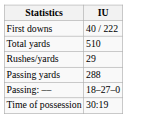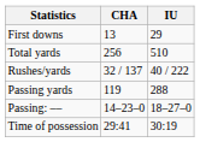 <table class="wikitable" style="float:left">
 <tr>
 <th>Statistics</th>
+<th>CHA</th>
 <th>IU</th>
 </tr>
 <tr>
 <td>First downs</td>
-<td>40 / 222</td>
+<td>13</td>
+<td>29</td>
 </tr>
 <tr>
 <td>Total yards</td>
+<td>256</td>
 <td>510</td>
 </tr>
 <tr>
 <td>Rushes/yards</td>
-<td>29</td>
+<td>32 / 137</td>
+<td>40 / 222</td>
 </tr>
 <tr>
 <td>Passing yards</td>
+<td>119</td>
 <td>288</td>
 </tr>
 <tr>
 <td>Passing: ––</td>
+<td>14–23–0</td>
 <td>18–27–0</td>
 </tr>
 <tr>
 <td>Time of possession</td>
+<td>29:41</td>
 <td>30:19</td>
 </tr>
 </table>
